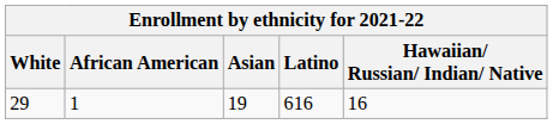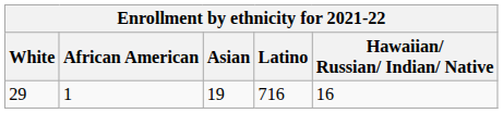 <table class="wikitable">
 <tr>
 <th colspan="5">Enrollment by ethnicity for <strong>2021-22</strong></th>
 </tr>
 <tr>
 <th>White</th>
 <th>African American</th>
 <th>Asian</th>
 <th>Latino</th>
 <th>Hawaiian/<br>Russian/ Indian/ Native</th>
 </tr>
 <tr>
 <td>29</td>
 <td>1</td>
 <td>19</td>
-<td>616</td>
+<td>716</td>
 <td>16</td>
 </tr>
 </table>
